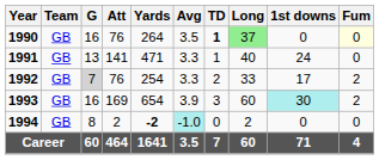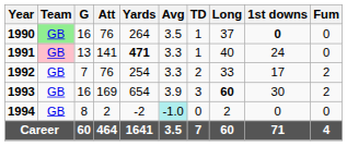 <table class="wikitable sortable" style="text-align:center;">
 <tr>
 <th>Year</th>
 <th>Team</th>
 <th>G</th>
 <th>Att</th>
 <th>Yards</th>
 <th>Avg</th>
 <th>TD</th>
 <th>Long</th>
 <th>1st downs</th>
 <th>Fum</th>
 </tr>
 <tr>
 <td><strong>1990</strong></td>
-<td><a href='#'>GB</a></td>
+<td style="background: lightgreen;"><a href='#'>GB</a></td>
 <td>16</td>
 <td>76</td>
 <td>264</td>
 <td>3.5</td>
-<td><strong>1</strong></td>
-<td style="background: lightgreen;">37</td>
+<td>1</td>
+<td>37</td>
+<td><strong>0</strong></td>
 <td>0</td>
-<td style="background: lightyellow;">0</td>
 </tr>
 <tr>
 <td><strong>1991</strong></td>
-<td><a href='#'>GB</a></td>
+<td style="background: pink;"><a href='#'>GB</a></td>
 <td>13</td>
 <td>141</td>
-<td>471</td>
+<td><strong>471</strong></td>
 <td>3.3</td>
 <td>1</td>
 <td>40</td>
 <td>24</td>
 <td>0</td>
 </tr>
 <tr>
 <td><strong>1992</strong></td>
 <td><a href='#'>GB</a></td>
-<td style="background: lightgrey;">7</td>
+<td>7</td>
 <td>76</td>
 <td>254</td>
 <td>3.3</td>
 <td>2</td>
 <td>33</td>
 <td>17</td>
 <td>2</td>
 </tr>
 <tr>
 <td><strong>1993</strong></td>
 <td><a href='#'>GB</a></td>
 <td>16</td>
 <td>169</td>
 <td>654</td>
 <td>3.9</td>
 <td>3</td>
-<td>60</td>
-<td style="background: paleturquoise;">30</td>
+<td><strong>60</strong></td>
+<td>30</td>
 <td>2</td>
 </tr>
 <tr>
 <td><strong>1994</strong></td>
 <td><a href='#'>GB</a></td>
 <td>8</td>
 <td>2</td>
-<td><strong>-2</strong></td>
+<td>-2</td>
 <td style="background: paleturquoise;">-1.0</td>
 <td>0</td>
 <td>2</td>
 <td>0</td>
 <td>0</td>
 </tr>
 <tr style="background:#555555;font-weight:bold;color:white;">
 <td colspan=2>Career</td>
 <td>60</td>
 <td>464</td>
 <td>1641</td>
 <td>3.5</td>
 <td>7</td>
 <td>60</td>
 <td>71</td>
 <td>4</td>
 </tr>
 <tr>
 </tr>
 </table>
